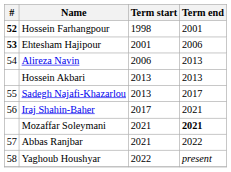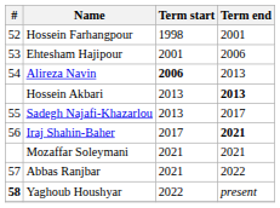 <table class="wikitable">
 <tr ->
 <th>#</th>
 <th>Name</th>
 <th>Term start</th>
 <th>Term end</th>
 </tr>
 <tr - bgcolor=#FFFFFF>
-<td><strong>52</strong></td>
+<td>52</td>
 <td>Hossein Farhangpour</td>
 <td>1998</td>
 <td>2001</td>
 </tr>
 <tr - bgcolor=#FFFFFF>
-<td><strong>53</strong></td>
+<td>53</td>
 <td>Ehtesham Hajipour</td>
 <td>2001</td>
 <td>2006</td>
 </tr>
 <tr - bgcolor=#FFFFFF>
 <td>54</td>
 <td><a href='#'>Alireza Navin</a></td>
-<td>2006</td>
+<td><strong>2006</strong></td>
 <td>2013</td>
 </tr>
 <tr - bgcolor=#FFFFFF>
 <td></td>
 <td>Hossein Akbari</td>
 <td>2013</td>
-<td>2013</td>
+<td><strong>2013</strong></td>
 </tr>
 <tr - bgcolor=#FFFFFF>
 <td>55</td>
 <td><a href='#'>Sadegh Najafi-Khazarlou</a></td>
 <td>2013</td>
 <td>2017</td>
 </tr>
 <tr - bgcolor=#FFFFFF>
 <td>56</td>
 <td><a href='#'>Iraj Shahin-Baher</a></td>
 <td>2017</td>
-<td>2021</td>
+<td><strong>2021</strong></td>
 </tr>
 <tr - bgcolor=#FFFFFF>
 <td></td>
 <td>Mozaffar Soleymani</td>
 <td>2021</td>
-<td><strong>2021</strong></td>
+<td>2021</td>
 </tr>
 <tr - bgcolor=#FFFFFF>
 <td>57</td>
 <td>Abbas Ranjbar</td>
 <td>2021</td>
 <td>2022</td>
 </tr>
 <tr - bgcolor=#FFFFFF>
-<td>58</td>
+<td><strong>58</strong></td>
 <td>Yaghoub Houshyar</td>
 <td>2022</td>
 <td><em>present</em></td>
 </tr>
 <tr - bgcolor=#FFFFFF>
 </tr>
 </table>
